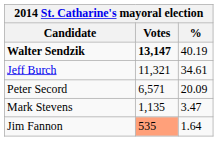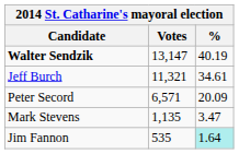 <table class="wikitable">
 <tr>
 <th colspan="3">2014 <a href='#'>St. Catharine's</a> mayoral election</th>
 </tr>
 <tr>
 <th style="width: 170px">Candidate</th>
 <th style="width: 50px">Votes</th>
 <th style="width: 40px">%</th>
 </tr>
 <tr>
 <td><strong>Walter Sendzik</strong></td>
-<td><strong>13,147</strong></td>
+<td>13,147</td>
 <td>40.19</td>
 </tr>
 <tr>
 <td><a href='#'>Jeff Burch</a></td>
 <td>11,321</td>
 <td>34.61</td>
 </tr>
 <tr>
 <td>Peter Secord</td>
 <td>6,571</td>
 <td>20.09</td>
 </tr>
 <tr>
 <td>Mark Stevens</td>
 <td>1,135</td>
 <td>3.47</td>
 </tr>
 <tr>
 <td>Jim Fannon</td>
-<td style="background: lightsalmon;">535</td>
-<td>1.64</td>
+<td>535</td>
+<td style="background: paleturquoise;">1.64</td>
 </tr>
 </table>
